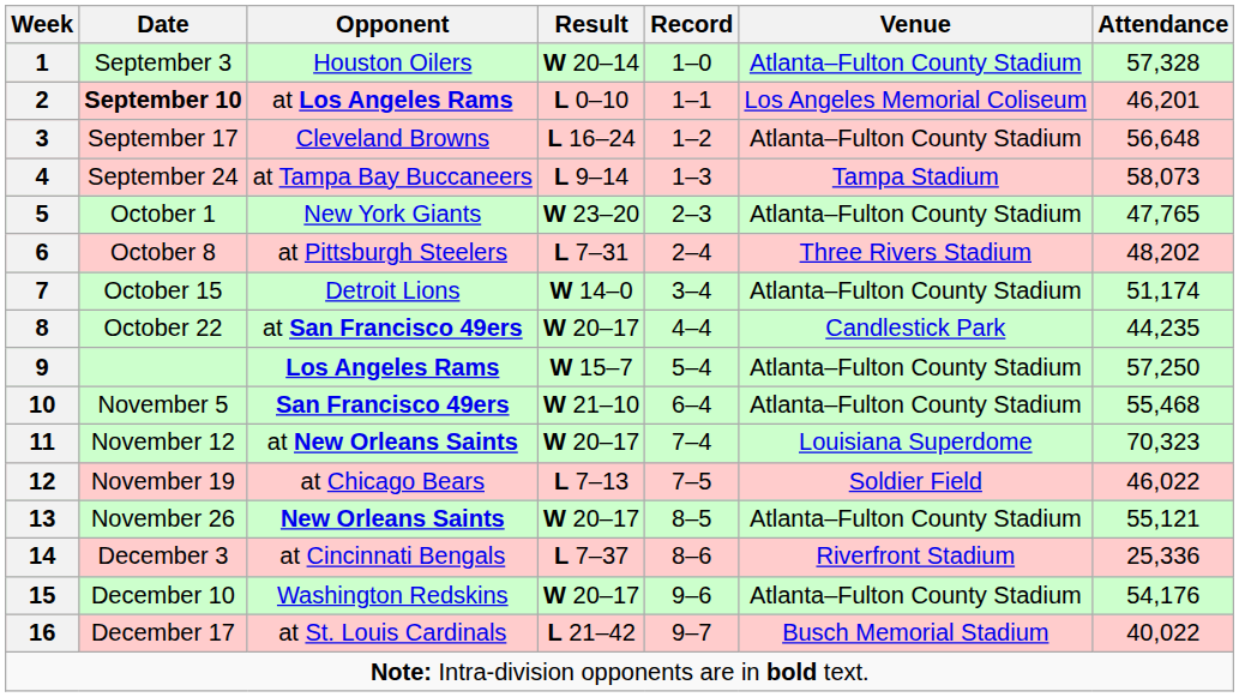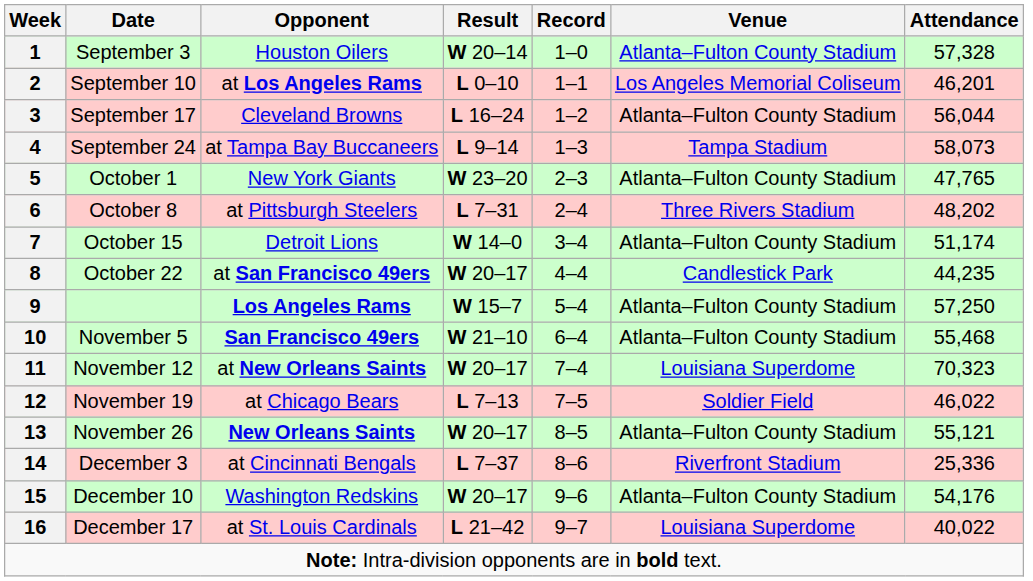 <table class="wikitable" style="text-align:center">
 <tr>
 <th>Week</th>
 <th>Date</th>
 <th>Opponent</th>
 <th>Result</th>
 <th>Record</th>
 <th>Venue</th>
 <th>Attendance</th>
 </tr>
 <tr style="background:#cfc">
 <th>1</th>
 <td>September 3</td>
 <td><a href='#'>Houston Oilers</a></td>
 <td><strong>W</strong> 20–14</td>
 <td>1–0</td>
 <td><a href='#'>Atlanta–Fulton County Stadium</a></td>
 <td>57,328</td>
 </tr>
 <tr style="background:#fcc">
 <th>2</th>
-<td><strong>September 10</strong></td>
+<td>September 10</td>
 <td>at <strong><a href='#'>Los Angeles Rams</a></strong></td>
 <td><strong>L</strong> 0–10</td>
 <td>1–1</td>
 <td><a href='#'>Los Angeles Memorial Coliseum</a></td>
 <td>46,201</td>
 </tr>
 <tr style="background:#fcc">
 <th>3</th>
 <td>September 17</td>
 <td><a href='#'>Cleveland Browns</a></td>
 <td><strong>L</strong> 16–24</td>
 <td>1–2</td>
 <td>Atlanta–Fulton County Stadium</td>
-<td>56,648</td>
+<td>56,044</td>
 </tr>
 <tr style="background:#fcc">
 <th>4</th>
 <td>September 24</td>
 <td>at <a href='#'>Tampa Bay Buccaneers</a></td>
 <td><strong>L</strong> 9–14</td>
 <td>1–3</td>
 <td><a href='#'>Tampa Stadium</a></td>
 <td>58,073</td>
 </tr>
 <tr style="background:#cfc">
 <th>5</th>
 <td>October 1</td>
 <td><a href='#'>New York Giants</a></td>
 <td><strong>W</strong> 23–20</td>
 <td>2–3</td>
 <td>Atlanta–Fulton County Stadium</td>
 <td>47,765</td>
 </tr>
 <tr style="background:#fcc">
 <th>6</th>
 <td>October 8</td>
 <td>at <a href='#'>Pittsburgh Steelers</a></td>
 <td><strong>L</strong> 7–31</td>
 <td>2–4</td>
 <td><a href='#'>Three Rivers Stadium</a></td>
 <td>48,202</td>
 </tr>
 <tr style="background:#cfc">
 <th>7</th>
 <td>October 15</td>
 <td><a href='#'>Detroit Lions</a></td>
 <td><strong>W</strong> 14–0</td>
 <td>3–4</td>
 <td>Atlanta–Fulton County Stadium</td>
 <td>51,174</td>
 </tr>
 <tr style="background:#cfc">
 <th>8</th>
 <td>October 22</td>
 <td>at <strong><a href='#'>San Francisco 49ers</a></strong></td>
 <td><strong>W</strong> 20–17</td>
 <td>4–4</td>
 <td><a href='#'>Candlestick Park</a></td>
 <td>44,235</td>
 </tr>
 <tr style="background:#cfc">
 <th>9</th>
 <td></td>
 <td><strong><a href='#'>Los Angeles Rams</a></strong></td>
 <td><strong>W</strong> 15–7</td>
 <td>5–4</td>
 <td>Atlanta–Fulton County Stadium</td>
 <td>57,250</td>
 </tr>
 <tr style="background:#cfc">
 <th>10</th>
 <td>November 5</td>
 <td><strong><a href='#'>San Francisco 49ers</a></strong></td>
 <td><strong>W</strong> 21–10</td>
 <td>6–4</td>
 <td>Atlanta–Fulton County Stadium</td>
 <td>55,468</td>
 </tr>
 <tr style="background:#cfc">
 <th>11</th>
 <td>November 12</td>
 <td>at <strong><a href='#'>New Orleans Saints</a></strong></td>
 <td><strong>W</strong> 20–17</td>
 <td>7–4</td>
 <td><a href='#'>Louisiana Superdome</a></td>
 <td>70,323</td>
 </tr>
 <tr style="background:#fcc">
 <th>12</th>
 <td>November 19</td>
 <td>at <a href='#'>Chicago Bears</a></td>
 <td><strong>L</strong> 7–13</td>
 <td>7–5</td>
 <td><a href='#'>Soldier Field</a></td>
 <td>46,022</td>
 </tr>
 <tr style="background:#cfc">
 <th>13</th>
 <td>November 26</td>
 <td><strong><a href='#'>New Orleans Saints</a></strong></td>
 <td><strong>W</strong> 20–17</td>
 <td>8–5</td>
 <td>Atlanta–Fulton County Stadium</td>
 <td>55,121</td>
 </tr>
 <tr style="background:#fcc">
 <th>14</th>
 <td>December 3</td>
 <td>at <a href='#'>Cincinnati Bengals</a></td>
 <td><strong>L</strong> 7–37</td>
 <td>8–6</td>
 <td><a href='#'>Riverfront Stadium</a></td>
 <td>25,336</td>
 </tr>
 <tr style="background:#cfc">
 <th>15</th>
 <td>December 10</td>
 <td><a href='#'>Washington Redskins</a></td>
 <td><strong>W</strong> 20–17</td>
 <td>9–6</td>
 <td>Atlanta–Fulton County Stadium</td>
 <td>54,176</td>
 </tr>
 <tr style="background:#fcc">
 <th>16</th>
 <td>December 17</td>
 <td>at <a href='#'>St. Louis Cardinals</a></td>
 <td><strong>L</strong> 21–42</td>
 <td>9–7</td>
-<td><a href='#'>Busch Memorial Stadium</a></td>
+<td><a href='#'>Louisiana Superdome</a></td>
 <td>40,022</td>
 </tr>
 <tr>
 <td colspan="7"><strong>Note:</strong> Intra-division opponents are in <strong>bold</strong> text.</td>
 </tr>
 </table>
